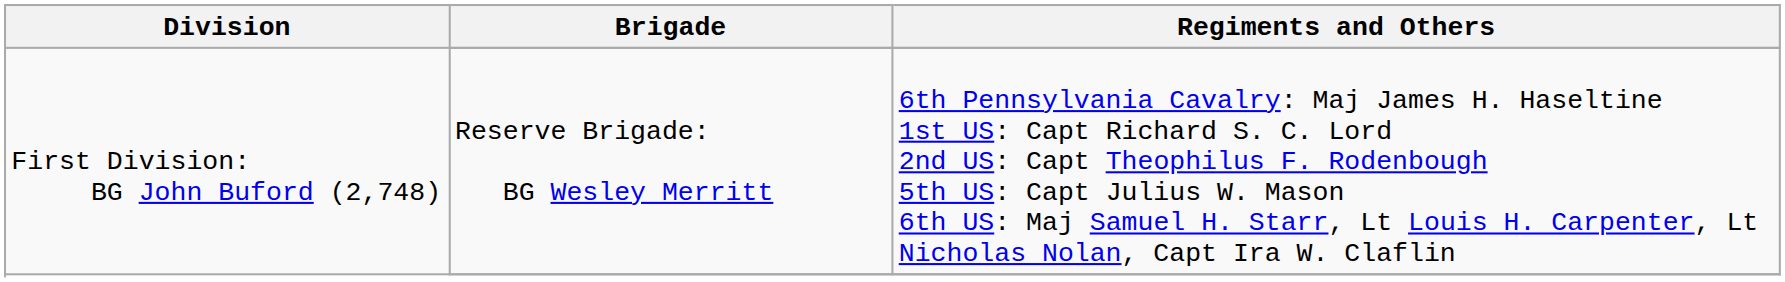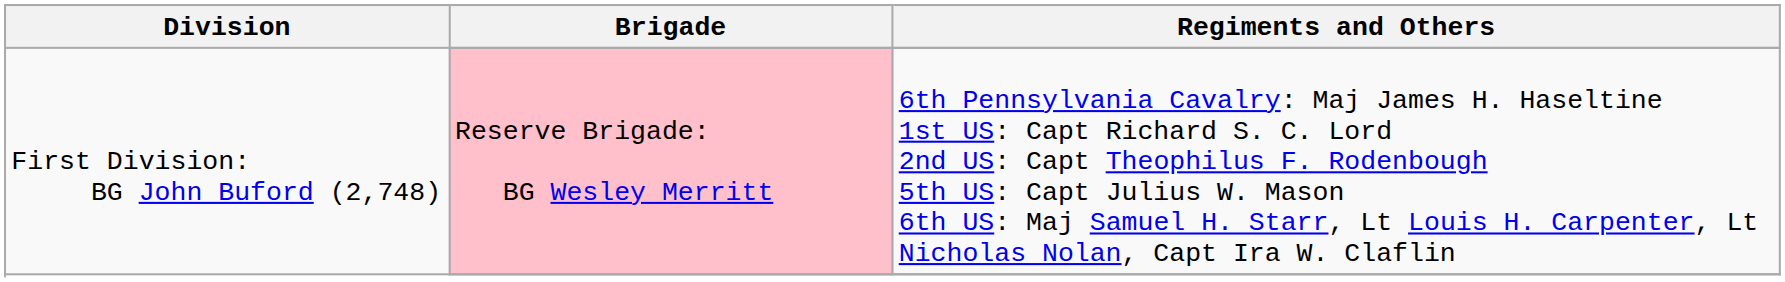 <table class="wikitable">
 <tr>
 <th width=25%>Division</th>
 <th width=25%>Brigade</th>
 <th>Regiments and Others</th>
 </tr>
 <tr>
 <td rowspan=3><br>First Division: <br>     BG <a href='#'>John Buford</a> (2,748)</td>
 </tr>
 <tr>
-<td>Reserve Brigade:<br><br>   BG <a href='#'>Wesley Merritt</a></td>
+<td style="background: pink;">Reserve Brigade:<br><br>   BG <a href='#'>Wesley Merritt</a></td>
 <td><br><a href='#'>6th Pennsylvania Cavalry</a>: Maj James H. Haseltine <br> <a href='#'>1st US</a>: Capt Richard S. C. Lord <br> <a href='#'>2nd US</a>: Capt <a href='#'>Theophilus F. Rodenbough</a> <br> <a href='#'>5th US</a>: Capt Julius W. Mason <br> <a href='#'>6th US</a>: Maj <a href='#'>Samuel H. Starr</a>, Lt <a href='#'>Louis H. Carpenter</a>, Lt <a href='#'>Nicholas Nolan</a>, Capt Ira W. Claflin</td>
 </tr>
 <tr>
 </tr>
 </table>
